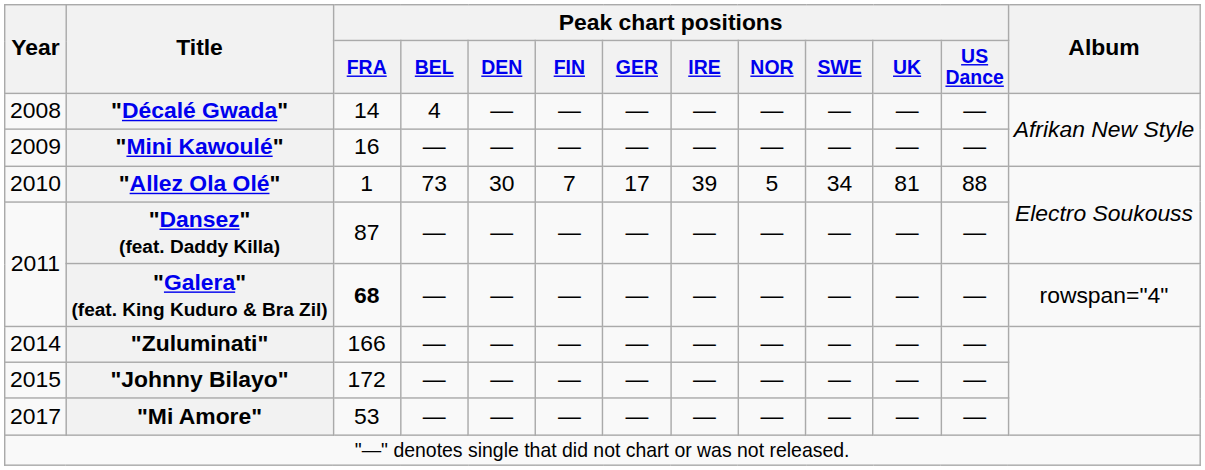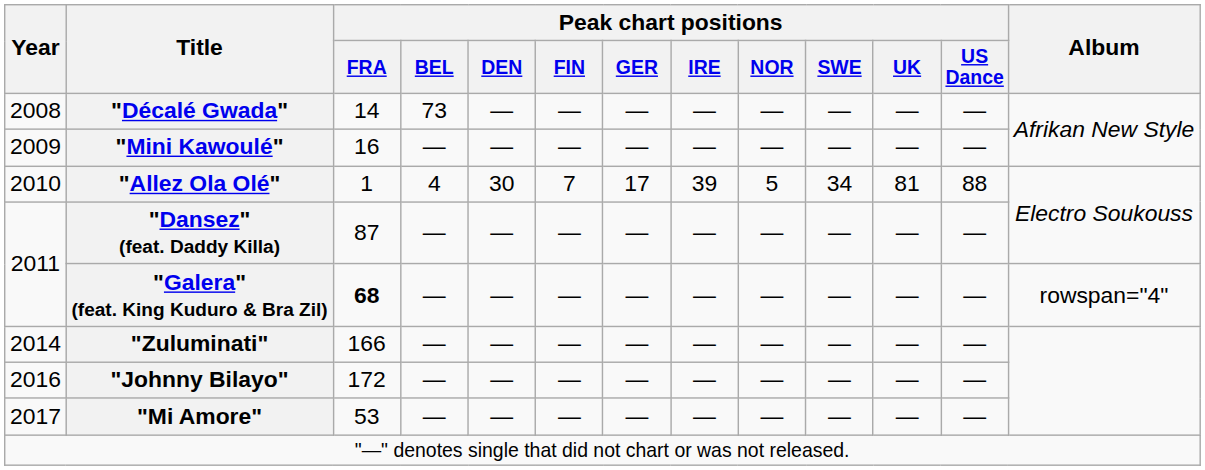 <table class="wikitable plainrowheaders" style="text-align:center;">
 <tr>
 <th scope="col" rowspan="2">Year</th>
 <th scope="col" rowspan="2">Title</th>
 <th scope="col" colspan="10">Peak chart positions</th>
 <th scope="col" rowspan="2">Album</th>
 </tr>
 <tr>
 <th scope="col" style="width:3em;font-size:85%;"><a href='#'>FRA</a><br></th>
 <th scope="col" style="width:3em;font-size:85%;"><a href='#'>BEL</a><br></th>
 <th scope="col" style="width:3em;font-size:85%;"><a href='#'>DEN</a><br></th>
 <th scope="col" style="width:3em;font-size:85%;"><a href='#'>FIN</a><br></th>
 <th scope="col" style="width:3em;font-size:85%;"><a href='#'>GER</a><br></th>
 <th scope="col" style="width:3em;font-size:85%;"><a href='#'>IRE</a><br></th>
 <th scope="col" style="width:3em;font-size:85%;"><a href='#'>NOR</a><br></th>
 <th scope="col" style="width:3em;font-size:85%;"><a href='#'>SWE</a><br></th>
 <th scope="col" style="width:3em;font-size:85%;"><a href='#'>UK</a><br></th>
 <th scope="col" style="width:3em;font-size:85%;"><a href='#'>US<br>Dance</a><br></th>
 </tr>
 <tr>
 <td>2008</td>
 <th scope="row">"<a href='#'>Décalé Gwada</a>"</th>
 <td>14</td>
-<td>4</td>
+<td>73</td>
 <td>—</td>
 <td>—</td>
 <td>—</td>
 <td>—</td>
 <td>—</td>
 <td>—</td>
 <td>—</td>
 <td>—</td>
 <td rowspan="2"><em>Afrikan New Style</em></td>
 </tr>
 <tr>
 <td>2009</td>
 <th scope="row">"<a href='#'>Mini Kawoulé</a>"</th>
 <td>16</td>
 <td>—</td>
 <td>—</td>
 <td>—</td>
 <td>—</td>
 <td>—</td>
 <td>—</td>
 <td>—</td>
 <td>—</td>
 <td>—</td>
 </tr>
 <tr>
 <td>2010</td>
 <th scope="row">"<a href='#'>Allez Ola Olé</a>"</th>
 <td>1</td>
-<td>73</td>
+<td>4</td>
 <td>30</td>
 <td>7</td>
 <td>17</td>
 <td>39</td>
 <td>5</td>
 <td>34</td>
 <td>81</td>
 <td>88</td>
 <td rowspan="2"><em>Electro Soukouss</em></td>
 </tr>
 <tr>
 <td rowspan="2">2011</td>
 <th scope="row">"<a href='#'>Dansez</a>" <br><small>(feat. Daddy Killa)</small></th>
 <td>87</td>
 <td>—</td>
 <td>—</td>
 <td>—</td>
 <td>—</td>
 <td>—</td>
 <td>—</td>
 <td>—</td>
 <td>—</td>
 <td>—</td>
 </tr>
 <tr>
 <th scope="row">"<a href='#'>Galera</a>" <br><small>(feat. King Kuduro & Bra Zil)</small></th>
 <td><strong>68</strong></td>
 <td>—</td>
 <td>—</td>
 <td>—</td>
 <td>—</td>
 <td>—</td>
 <td>—</td>
 <td>—</td>
 <td>—</td>
 <td>—</td>
 <td>rowspan="4" </td>
 </tr>
 <tr>
 <td>2014</td>
 <th scope="row">"Zuluminati"</th>
 <td>166</td>
 <td>—</td>
 <td>—</td>
 <td>—</td>
 <td>—</td>
 <td>—</td>
 <td>—</td>
 <td>—</td>
 <td>—</td>
 <td>—</td>
 </tr>
 <tr>
-<td>2015</td>
+<td>2016</td>
 <th scope="row">"Johnny Bilayo"</th>
 <td>172</td>
 <td>—</td>
 <td>—</td>
 <td>—</td>
 <td>—</td>
 <td>—</td>
 <td>—</td>
 <td>—</td>
 <td>—</td>
 <td>—</td>
 </tr>
 <tr>
 <td>2017</td>
 <th scope="row">"Mi Amore"</th>
 <td>53<br></td>
 <td>—</td>
 <td>—</td>
 <td>—</td>
 <td>—</td>
 <td>—</td>
 <td>—</td>
 <td>—</td>
 <td>—</td>
 <td>—</td>
 </tr>
 <tr>
 <td colspan="16" style="text-align:center; font-size:85%;">"—" denotes single that did not chart or was not released.</td>
 </tr>
 </table>
